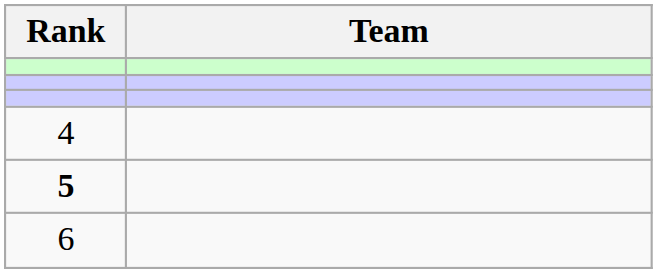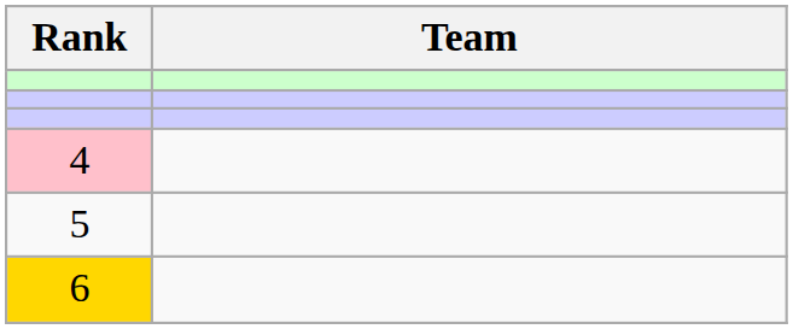 <table class="wikitable" style="text-align: center;">
 <tr>
 <th width="50">Rank</th>
 <th width="240">Team</th>
 </tr>
 <tr bgcolor="ccffcc">
 <td></td>
 <td align="left"></td>
 </tr>
 <tr bgcolor="ccccff">
 <td></td>
 <td align="left"></td>
 </tr>
 <tr bgcolor="ccccff">
 <td></td>
 <td align="left"></td>
 </tr>
 <tr>
-<td>4</td>
+<td style="background: pink;">4</td>
 <td align="left"></td>
 </tr>
 <tr>
-<td><strong>5</strong></td>
+<td>5</td>
 <td align="left"></td>
 </tr>
 <tr>
-<td>6</td>
+<td style="background: gold;">6</td>
 <td align="left"></td>
 </tr>
 </table>
